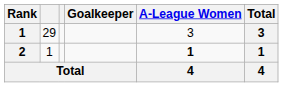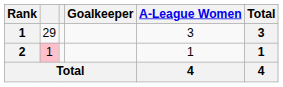 <table class="wikitable" style="text-align:center">
 <tr>
 <th>Rank</th>
 <th></th>
 <th></th>
 <th>Goalkeeper</th>
 <th><a href='#'>A-League Women</a></th>
 <th>Total</th>
 </tr>
 <tr>
 <th>1</th>
 <td>29</td>
 <td></td>
 <td align="left"></td>
 <td>3</td>
 <th>3</th>
 </tr>
 <tr>
 <th>2</th>
-<td>1</td>
+<td style="background: pink;">1</td>
 <td></td>
 <td align="left"></td>
-<td><strong>1</strong></td>
+<td>1</td>
 <th>1</th>
 </tr>
 <tr>
 <th colspan="4">Total</th>
 <th>4</th>
 <th>4</th>
 </tr>
 </table>
